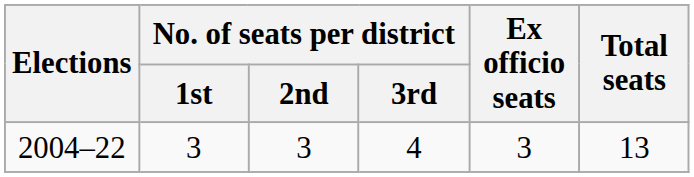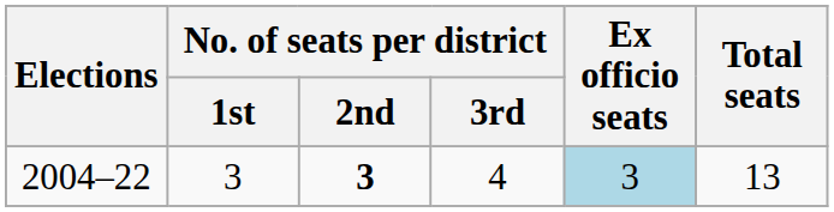 <table class=wikitable style="text-align:center">
 <tr>
 <th rowspan=2>Elections</th>
 <th colspan=3>No. of seats per district</th>
 <th width=50px rowspan=2>Ex officio seats</th>
 <th width=50px rowspan=2>Total seats</th>
 </tr>
 <tr>
 <th width=50px>1st</th>
 <th width=50px>2nd</th>
 <th width=50px>3rd</th>
 </tr>
 <tr>
 <td>2004–22</td>
 <td>3</td>
-<td>3</td>
+<td><strong>3</strong></td>
 <td>4</td>
-<td>3</td>
+<td style="background: lightblue;">3</td>
 <td>13</td>
 </tr>
 </table>
